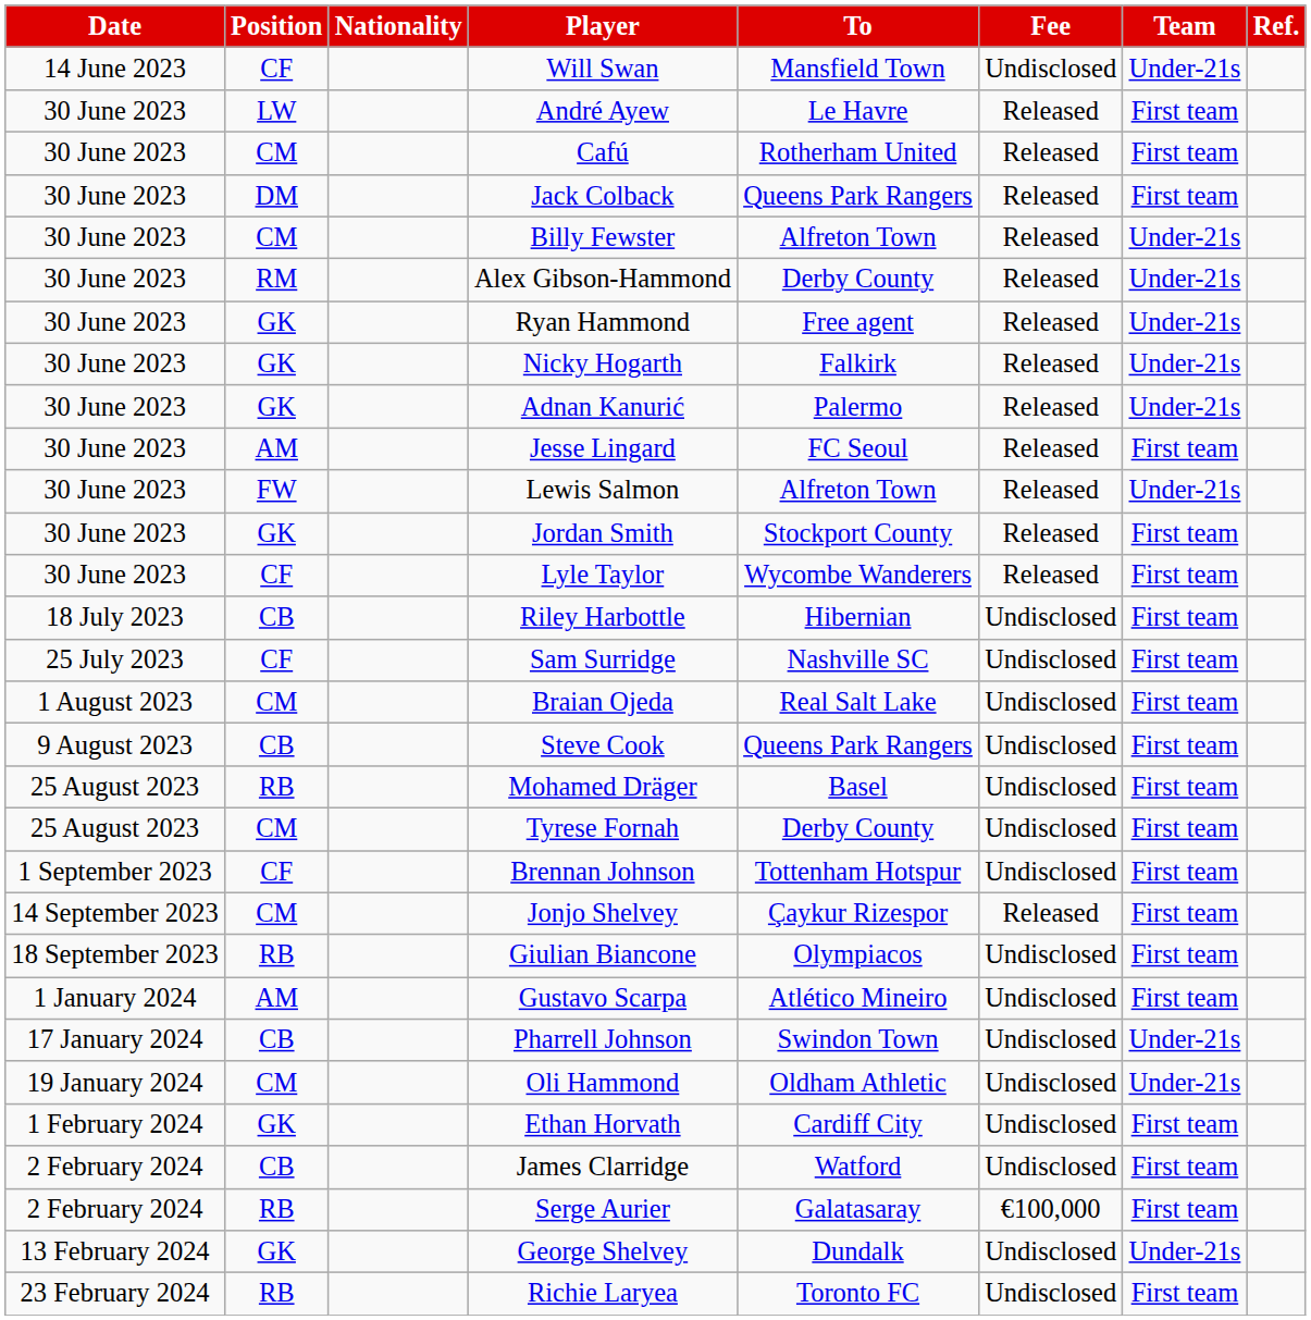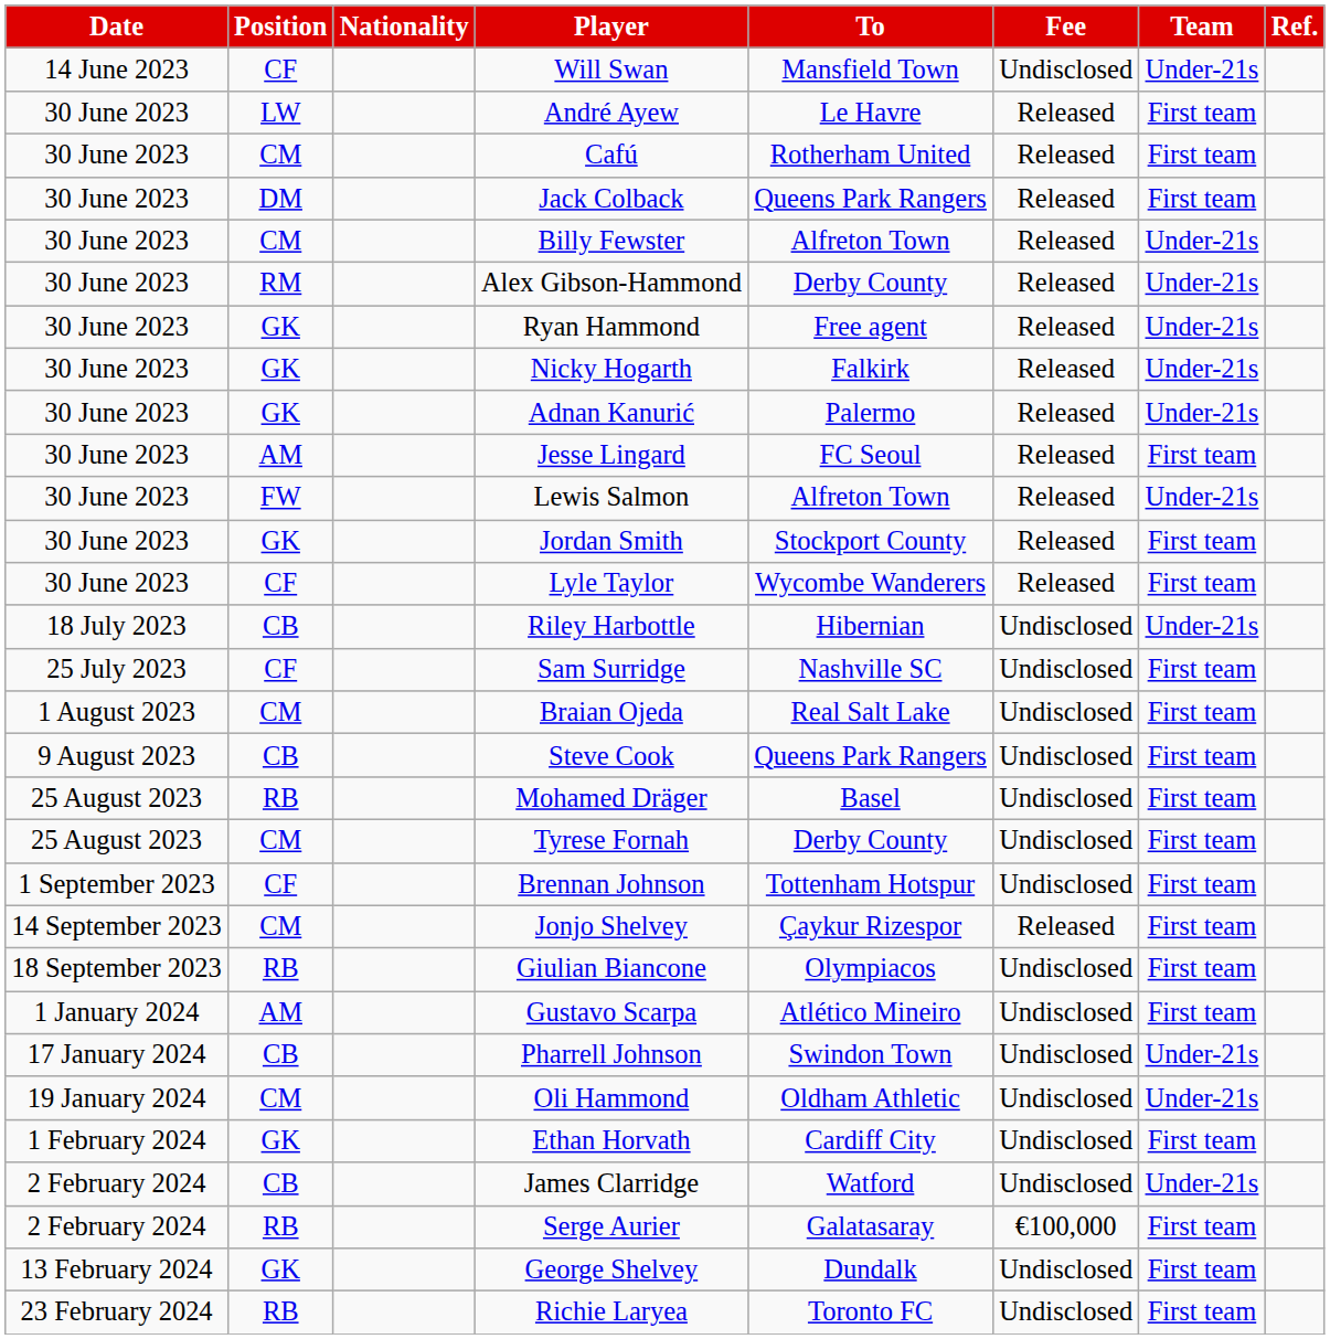 <table class="wikitable" style="text-align:center;">
 <tr>
 <th style="background:#DD0000; color:#FFFFFF; ">Date</th>
 <th style="background:#DD0000; color:#FFFFFF; ">Position</th>
 <th style="background:#DD0000; color:#FFFFFF; ">Nationality</th>
 <th style="background:#DD0000; color:#FFFFFF; ">Player</th>
 <th style="background:#DD0000; color:#FFFFFF; ">To</th>
 <th style="background:#DD0000; color:#FFFFFF; ">Fee</th>
 <th style="background:#DD0000; color:#FFFFFF; ">Team</th>
 <th style="background:#DD0000; color:#FFFFFF; ">Ref.</th>
 </tr>
 <tr>
 <td>14 June 2023</td>
 <td><a href='#'>CF</a></td>
 <td></td>
 <td><a href='#'>Will Swan</a></td>
 <td> <a href='#'>Mansfield Town</a></td>
 <td>Undisclosed</td>
 <td><a href='#'>Under-21s</a></td>
 <td></td>
 </tr>
 <tr>
 <td>30 June 2023</td>
 <td><a href='#'>LW</a></td>
 <td></td>
 <td><a href='#'>André Ayew</a></td>
 <td> <a href='#'>Le Havre</a></td>
 <td>Released</td>
 <td><a href='#'>First team</a></td>
 <td></td>
 </tr>
 <tr>
 <td>30 June 2023</td>
 <td><a href='#'>CM</a></td>
 <td></td>
 <td><a href='#'>Cafú</a></td>
 <td> <a href='#'>Rotherham United</a></td>
 <td>Released</td>
 <td><a href='#'>First team</a></td>
 <td></td>
 </tr>
 <tr>
 <td>30 June 2023</td>
 <td><a href='#'>DM</a></td>
 <td></td>
 <td><a href='#'>Jack Colback</a></td>
 <td> <a href='#'>Queens Park Rangers</a></td>
 <td>Released</td>
 <td><a href='#'>First team</a></td>
 <td></td>
 </tr>
 <tr>
 <td>30 June 2023</td>
 <td><a href='#'>CM</a></td>
 <td></td>
 <td><a href='#'>Billy Fewster</a></td>
 <td> <a href='#'>Alfreton Town</a></td>
 <td>Released</td>
 <td><a href='#'>Under-21s</a></td>
 <td></td>
 </tr>
 <tr>
 <td>30 June 2023</td>
 <td><a href='#'>RM</a></td>
 <td></td>
 <td>Alex Gibson-Hammond</td>
 <td> <a href='#'>Derby County</a></td>
 <td>Released</td>
 <td><a href='#'>Under-21s</a></td>
 <td></td>
 </tr>
 <tr>
 <td>30 June 2023</td>
 <td><a href='#'>GK</a></td>
 <td></td>
 <td>Ryan Hammond</td>
 <td><a href='#'>Free agent</a></td>
 <td>Released</td>
 <td><a href='#'>Under-21s</a></td>
 <td></td>
 </tr>
 <tr>
 <td>30 June 2023</td>
 <td><a href='#'>GK</a></td>
 <td></td>
 <td><a href='#'>Nicky Hogarth</a></td>
 <td> <a href='#'>Falkirk</a></td>
 <td>Released</td>
 <td><a href='#'>Under-21s</a></td>
 <td></td>
 </tr>
 <tr>
 <td>30 June 2023</td>
 <td><a href='#'>GK</a></td>
 <td></td>
 <td><a href='#'>Adnan Kanurić</a></td>
 <td> <a href='#'>Palermo</a></td>
 <td>Released</td>
 <td><a href='#'>Under-21s</a></td>
 <td></td>
 </tr>
 <tr>
 <td>30 June 2023</td>
 <td><a href='#'>AM</a></td>
 <td></td>
 <td><a href='#'>Jesse Lingard</a></td>
 <td> <a href='#'>FC Seoul</a></td>
 <td>Released</td>
 <td><a href='#'>First team</a></td>
 <td></td>
 </tr>
 <tr>
 <td>30 June 2023</td>
 <td><a href='#'>FW</a></td>
 <td></td>
 <td>Lewis Salmon</td>
 <td> <a href='#'>Alfreton Town</a></td>
 <td>Released</td>
 <td><a href='#'>Under-21s</a></td>
 <td></td>
 </tr>
 <tr>
 <td>30 June 2023</td>
 <td><a href='#'>GK</a></td>
 <td></td>
 <td><a href='#'>Jordan Smith</a></td>
 <td> <a href='#'>Stockport County</a></td>
 <td>Released</td>
 <td><a href='#'>First team</a></td>
 <td></td>
 </tr>
 <tr>
 <td>30 June 2023</td>
 <td><a href='#'>CF</a></td>
 <td></td>
 <td><a href='#'>Lyle Taylor</a></td>
 <td> <a href='#'>Wycombe Wanderers</a></td>
 <td>Released</td>
 <td><a href='#'>First team</a></td>
 <td></td>
 </tr>
 <tr>
 <td>18 July 2023</td>
 <td><a href='#'>CB</a></td>
 <td></td>
 <td><a href='#'>Riley Harbottle</a></td>
 <td> <a href='#'>Hibernian</a></td>
 <td>Undisclosed</td>
-<td><a href='#'>First team</a></td>
+<td><a href='#'>Under-21s</a></td>
 <td></td>
 </tr>
 <tr>
 <td>25 July 2023</td>
 <td><a href='#'>CF</a></td>
 <td></td>
 <td><a href='#'>Sam Surridge</a></td>
 <td> <a href='#'>Nashville SC</a></td>
 <td>Undisclosed</td>
 <td><a href='#'>First team</a></td>
 <td></td>
 </tr>
 <tr>
 <td>1 August 2023</td>
 <td><a href='#'>CM</a></td>
 <td></td>
 <td><a href='#'>Braian Ojeda</a></td>
 <td> <a href='#'>Real Salt Lake</a></td>
 <td>Undisclosed</td>
 <td><a href='#'>First team</a></td>
 <td></td>
 </tr>
 <tr>
 <td>9 August 2023</td>
 <td><a href='#'>CB</a></td>
 <td></td>
 <td><a href='#'>Steve Cook</a></td>
 <td> <a href='#'>Queens Park Rangers</a></td>
 <td>Undisclosed</td>
 <td><a href='#'>First team</a></td>
 <td></td>
 </tr>
 <tr>
 <td>25 August 2023</td>
 <td><a href='#'>RB</a></td>
 <td></td>
 <td><a href='#'>Mohamed Dräger</a></td>
 <td> <a href='#'>Basel</a></td>
 <td>Undisclosed</td>
 <td><a href='#'>First team</a></td>
 <td></td>
 </tr>
 <tr>
 <td>25 August 2023</td>
 <td><a href='#'>CM</a></td>
 <td></td>
 <td><a href='#'>Tyrese Fornah</a></td>
 <td> <a href='#'>Derby County</a></td>
 <td>Undisclosed</td>
 <td><a href='#'>First team</a></td>
 <td></td>
 </tr>
 <tr>
 <td>1 September 2023</td>
 <td><a href='#'>CF</a></td>
 <td></td>
 <td><a href='#'>Brennan Johnson</a></td>
 <td> <a href='#'>Tottenham Hotspur</a></td>
 <td>Undisclosed</td>
 <td><a href='#'>First team</a></td>
 <td></td>
 </tr>
 <tr>
 <td>14 September 2023</td>
 <td><a href='#'>CM</a></td>
 <td></td>
 <td><a href='#'>Jonjo Shelvey</a></td>
 <td> <a href='#'>Çaykur Rizespor</a></td>
 <td>Released</td>
 <td><a href='#'>First team</a></td>
 <td></td>
 </tr>
 <tr>
 <td>18 September 2023</td>
 <td><a href='#'>RB</a></td>
 <td></td>
 <td><a href='#'>Giulian Biancone</a></td>
 <td> <a href='#'>Olympiacos</a></td>
 <td>Undisclosed</td>
 <td><a href='#'>First team</a></td>
 <td></td>
 </tr>
 <tr>
 <td>1 January 2024</td>
 <td><a href='#'>AM</a></td>
 <td></td>
 <td><a href='#'>Gustavo Scarpa</a></td>
 <td> <a href='#'>Atlético Mineiro</a></td>
 <td>Undisclosed</td>
 <td><a href='#'>First team</a></td>
 <td></td>
 </tr>
 <tr>
 <td>17 January 2024</td>
 <td><a href='#'>CB</a></td>
 <td></td>
 <td><a href='#'>Pharrell Johnson</a></td>
 <td> <a href='#'>Swindon Town</a></td>
 <td>Undisclosed</td>
 <td><a href='#'>Under-21s</a></td>
 <td></td>
 </tr>
 <tr>
 <td>19 January 2024</td>
 <td><a href='#'>CM</a></td>
 <td></td>
 <td><a href='#'>Oli Hammond</a></td>
 <td> <a href='#'>Oldham Athletic</a></td>
 <td>Undisclosed</td>
 <td><a href='#'>Under-21s</a></td>
 <td></td>
 </tr>
 <tr>
 <td>1 February 2024</td>
 <td><a href='#'>GK</a></td>
 <td></td>
 <td><a href='#'>Ethan Horvath</a></td>
 <td> <a href='#'>Cardiff City</a></td>
 <td>Undisclosed</td>
 <td><a href='#'>First team</a></td>
 <td></td>
 </tr>
 <tr>
 <td>2 February 2024</td>
 <td><a href='#'>CB</a></td>
 <td></td>
 <td>James Clarridge</td>
 <td> <a href='#'>Watford</a></td>
 <td>Undisclosed</td>
-<td><a href='#'>First team</a></td>
+<td><a href='#'>Under-21s</a></td>
 <td></td>
 </tr>
 <tr>
 <td>2 February 2024</td>
 <td><a href='#'>RB</a></td>
 <td></td>
 <td><a href='#'>Serge Aurier</a></td>
 <td> <a href='#'>Galatasaray</a></td>
 <td>€100,000</td>
 <td><a href='#'>First team</a></td>
 <td></td>
 </tr>
 <tr>
 <td>13 February 2024</td>
 <td><a href='#'>GK</a></td>
 <td></td>
 <td><a href='#'>George Shelvey</a></td>
 <td> <a href='#'>Dundalk</a></td>
 <td>Undisclosed</td>
-<td><a href='#'>Under-21s</a></td>
+<td><a href='#'>First team</a></td>
 <td></td>
 </tr>
 <tr>
 <td>23 February 2024</td>
 <td><a href='#'>RB</a></td>
 <td></td>
 <td><a href='#'>Richie Laryea</a></td>
 <td> <a href='#'>Toronto FC</a></td>
 <td>Undisclosed</td>
 <td><a href='#'>First team</a></td>
 <td></td>
 </tr>
 </table>
